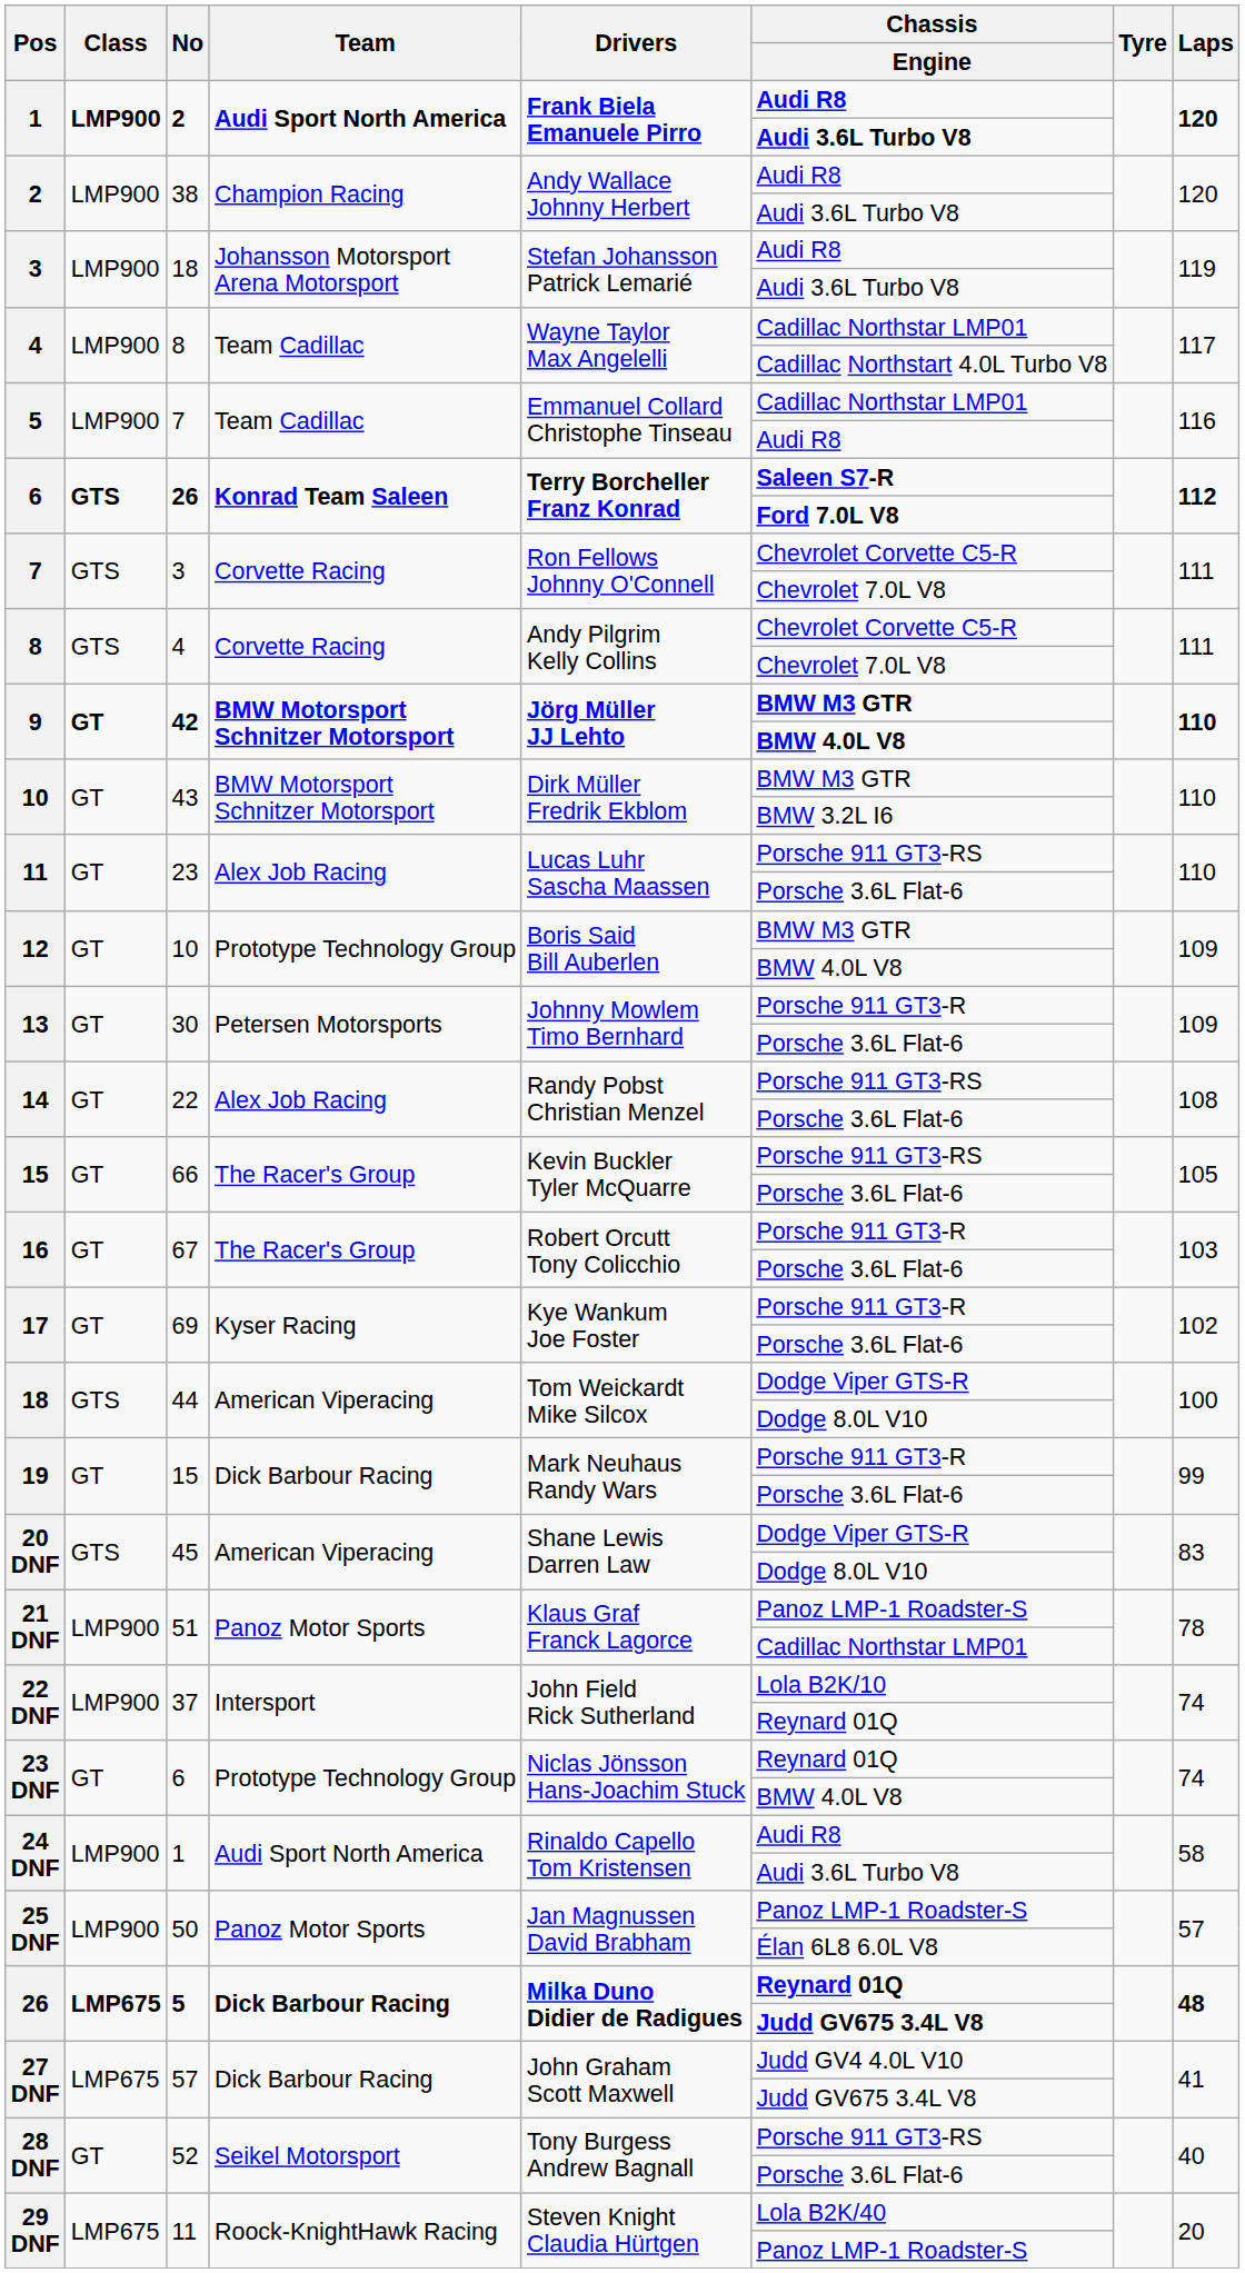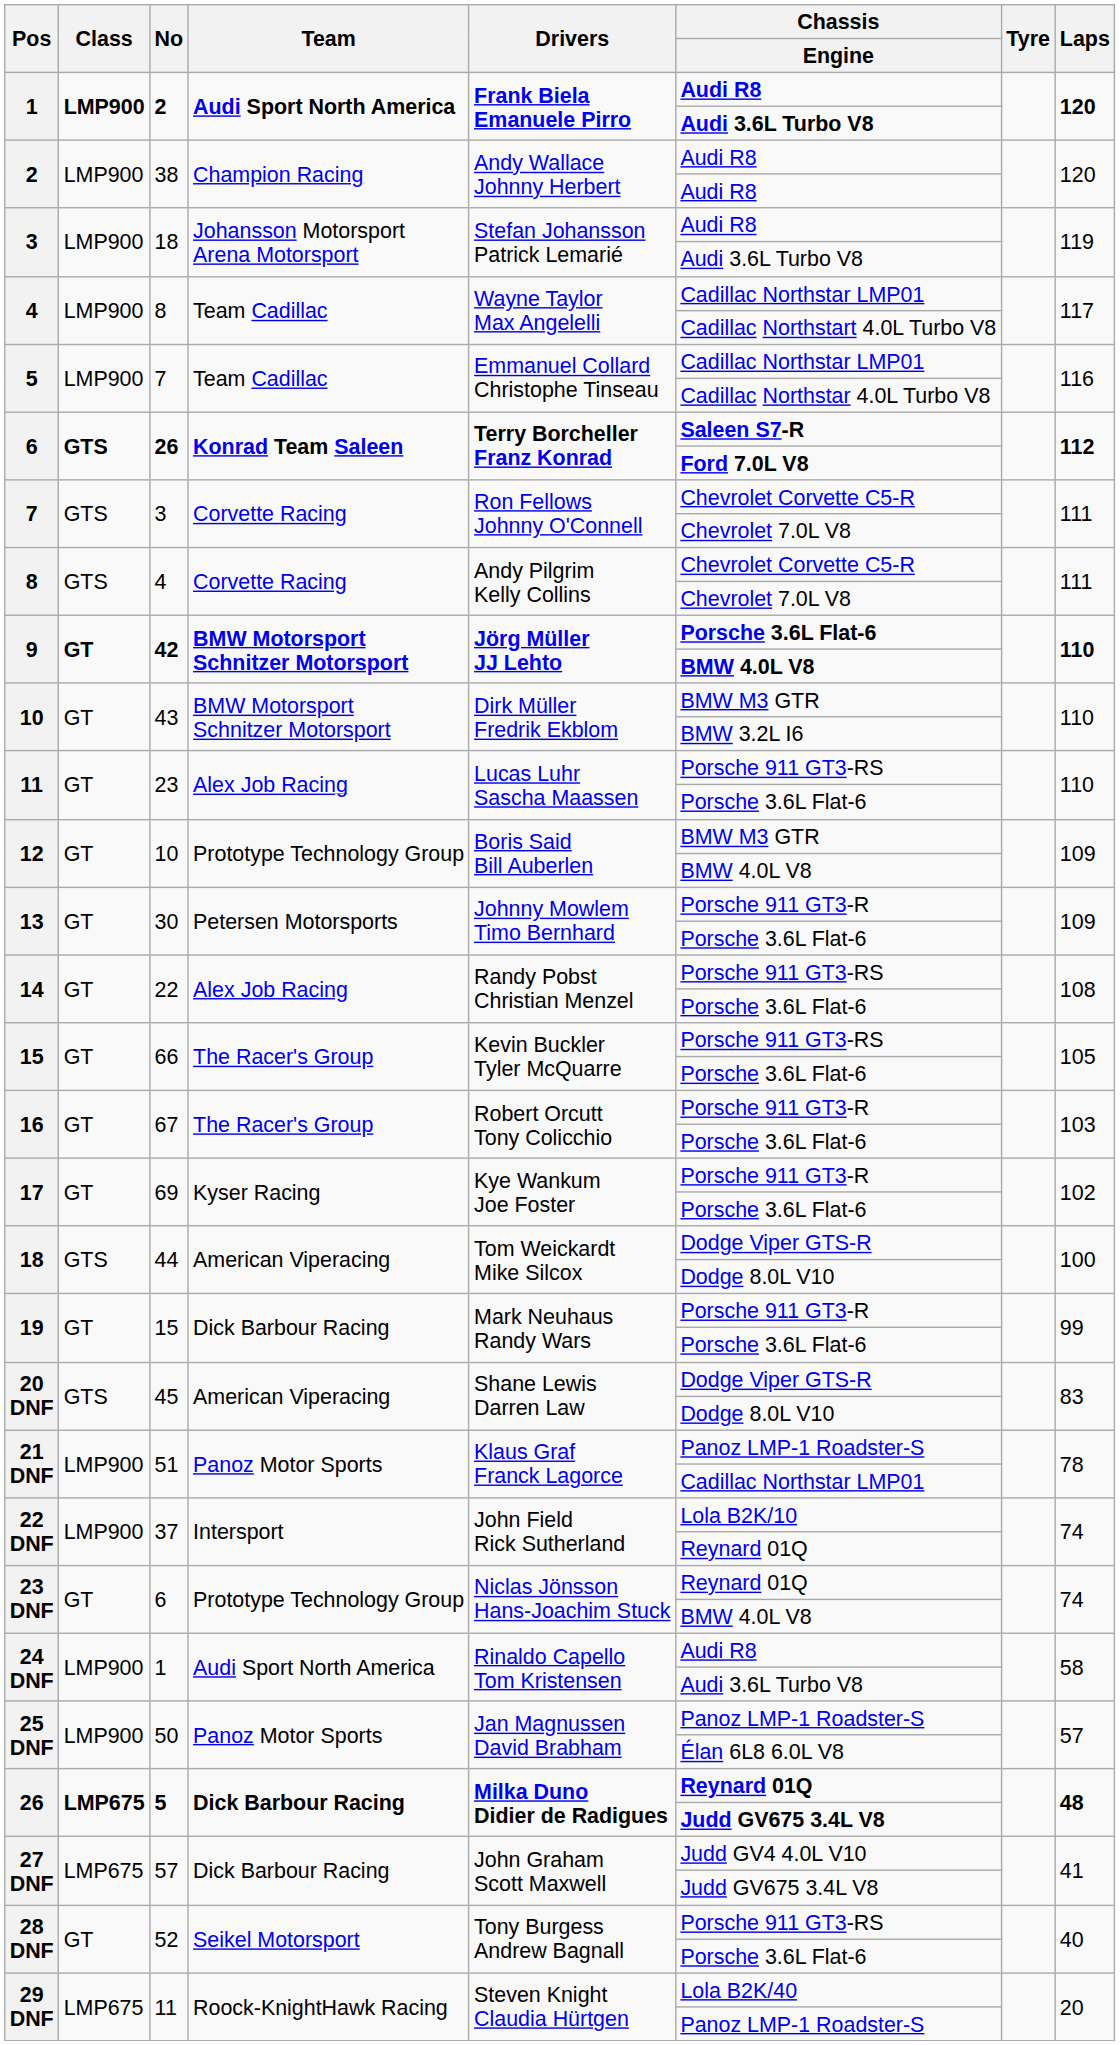 <table class="wikitable" style="font-size: 95%;">
 <tr>
 <th rowspan=2>Pos</th>
 <th rowspan=2>Class</th>
 <th rowspan=2>No</th>
 <th rowspan=2>Team</th>
 <th rowspan=2>Drivers</th>
 <th>Chassis</th>
 <th rowspan=2>Tyre</th>
 <th rowspan=2>Laps</th>
 </tr>
 <tr>
 <th>Engine</th>
 </tr>
 <tr style="font-weight:bold">
 <th rowspan=2>1</th>
 <td rowspan=2>LMP900</td>
 <td rowspan=2>2</td>
 <td rowspan=2> <a href='#'>Audi</a> Sport North America</td>
 <td rowspan=2> <a href='#'>Frank Biela</a><br> <a href='#'>Emanuele Pirro</a></td>
 <td><a href='#'>Audi R8</a></td>
 <td rowspan=2></td>
 <td rowspan=2>120</td>
 </tr>
 <tr style="font-weight:bold">
 <td><a href='#'>Audi</a> 3.6L Turbo V8</td>
 </tr>
 <tr>
 <th rowspan=2>2</th>
 <td rowspan=2>LMP900</td>
 <td rowspan=2>38</td>
 <td rowspan=2> <a href='#'>Champion Racing</a></td>
 <td rowspan=2> <a href='#'>Andy Wallace</a><br> <a href='#'>Johnny Herbert</a></td>
 <td><a href='#'>Audi R8</a></td>
 <td rowspan=2></td>
 <td rowspan=2>120</td>
 </tr>
 <tr>
-<td><a href='#'>Audi</a> 3.6L Turbo V8</td>
+<td><a href='#'>Audi R8</a></td>
 </tr>
 <tr>
 <th rowspan=2>3</th>
 <td rowspan=2>LMP900</td>
 <td rowspan=2>18</td>
 <td rowspan=2> <a href='#'>Johansson</a> Motorsport<br> <a href='#'>Arena Motorsport</a></td>
 <td rowspan=2> <a href='#'>Stefan Johansson</a><br> Patrick Lemarié</td>
 <td><a href='#'>Audi R8</a></td>
 <td rowspan=2></td>
 <td rowspan=2>119</td>
 </tr>
 <tr>
 <td><a href='#'>Audi</a> 3.6L Turbo V8</td>
 </tr>
 <tr>
 <th rowspan=2>4</th>
 <td rowspan=2>LMP900</td>
 <td rowspan=2>8</td>
 <td rowspan=2> Team <a href='#'>Cadillac</a></td>
 <td rowspan=2> <a href='#'>Wayne Taylor</a><br> <a href='#'>Max Angelelli</a></td>
 <td><a href='#'>Cadillac Northstar LMP01</a></td>
 <td rowspan=2></td>
 <td rowspan=2>117</td>
 </tr>
 <tr>
 <td><a href='#'>Cadillac</a> <a href='#'>Northstart</a> 4.0L Turbo V8</td>
 </tr>
 <tr>
 <th rowspan=2>5</th>
 <td rowspan=2>LMP900</td>
 <td rowspan=2>7</td>
 <td rowspan=2> Team <a href='#'>Cadillac</a></td>
 <td rowspan=2> <a href='#'>Emmanuel Collard</a><br> Christophe Tinseau</td>
 <td><a href='#'>Cadillac Northstar LMP01</a></td>
 <td rowspan=2></td>
 <td rowspan=2>116</td>
 </tr>
 <tr>
-<td><a href='#'>Audi R8</a></td>
+<td><a href='#'>Cadillac</a> <a href='#'>Northstar</a> 4.0L Turbo V8</td>
 </tr>
 <tr style="font-weight:bold">
 <th rowspan=2>6</th>
 <td rowspan=2>GTS</td>
 <td rowspan=2>26</td>
 <td rowspan=2> <a href='#'>Konrad</a> Team <a href='#'>Saleen</a></td>
 <td rowspan=2> Terry Borcheller<br> <a href='#'>Franz Konrad</a></td>
 <td><a href='#'>Saleen S7</a>-R</td>
 <td rowspan=2></td>
 <td rowspan=2>112</td>
 </tr>
 <tr style="font-weight:bold">
 <td><a href='#'>Ford</a> 7.0L V8</td>
 </tr>
 <tr>
 <th rowspan=2>7</th>
 <td rowspan=2>GTS</td>
 <td rowspan=2>3</td>
 <td rowspan=2> <a href='#'>Corvette Racing</a></td>
 <td rowspan=2> <a href='#'>Ron Fellows</a><br> <a href='#'>Johnny O'Connell</a></td>
 <td><a href='#'>Chevrolet Corvette C5-R</a></td>
 <td rowspan=2></td>
 <td rowspan=2>111</td>
 </tr>
 <tr>
 <td><a href='#'>Chevrolet</a> 7.0L V8</td>
 </tr>
 <tr>
 <th rowspan=2>8</th>
 <td rowspan=2>GTS</td>
 <td rowspan=2>4</td>
 <td rowspan=2> <a href='#'>Corvette Racing</a></td>
 <td rowspan=2> Andy Pilgrim<br> Kelly Collins</td>
 <td><a href='#'>Chevrolet Corvette C5-R</a></td>
 <td rowspan=2></td>
 <td rowspan=2>111</td>
 </tr>
 <tr>
 <td><a href='#'>Chevrolet</a> 7.0L V8</td>
 </tr>
 <tr style="font-weight:bold">
 <th rowspan=2>9</th>
 <td rowspan=2>GT</td>
 <td rowspan=2>42</td>
 <td rowspan=2> <a href='#'>BMW Motorsport</a><br> <a href='#'>Schnitzer Motorsport</a></td>
 <td rowspan=2> <a href='#'>Jörg Müller</a><br> <a href='#'>JJ Lehto</a></td>
-<td><a href='#'>BMW M3</a> GTR</td>
+<td><a href='#'>Porsche</a> 3.6L Flat-6</td>
 <td rowspan=2></td>
 <td rowspan=2>110</td>
 </tr>
 <tr style="font-weight:bold">
 <td><a href='#'>BMW</a> 4.0L V8</td>
 </tr>
 <tr>
 <th rowspan=2>10</th>
 <td rowspan=2>GT</td>
 <td rowspan=2>43</td>
 <td rowspan=2> <a href='#'>BMW Motorsport</a><br> <a href='#'>Schnitzer Motorsport</a></td>
 <td rowspan=2> <a href='#'>Dirk Müller</a><br> <a href='#'>Fredrik Ekblom</a></td>
 <td><a href='#'>BMW M3</a> GTR</td>
 <td rowspan=2></td>
 <td rowspan=2>110</td>
 </tr>
 <tr>
 <td><a href='#'>BMW</a> 3.2L I6</td>
 </tr>
 <tr>
 <th rowspan=2>11</th>
 <td rowspan=2>GT</td>
 <td rowspan=2>23</td>
 <td rowspan=2> <a href='#'>Alex Job Racing</a></td>
 <td rowspan=2> <a href='#'>Lucas Luhr</a><br> <a href='#'>Sascha Maassen</a></td>
 <td><a href='#'>Porsche 911 GT3</a>-RS</td>
 <td rowspan=2></td>
 <td rowspan=2>110</td>
 </tr>
 <tr>
 <td><a href='#'>Porsche</a> 3.6L Flat-6</td>
 </tr>
 <tr>
 <th rowspan=2>12</th>
 <td rowspan=2>GT</td>
 <td rowspan=2>10</td>
 <td rowspan=2> Prototype Technology Group</td>
 <td rowspan=2> <a href='#'>Boris Said</a><br> <a href='#'>Bill Auberlen</a></td>
 <td><a href='#'>BMW M3</a> GTR</td>
 <td rowspan=2></td>
 <td rowspan=2>109</td>
 </tr>
 <tr>
 <td><a href='#'>BMW</a> 4.0L V8</td>
 </tr>
 <tr>
 <th rowspan=2>13</th>
 <td rowspan=2>GT</td>
 <td rowspan=2>30</td>
 <td rowspan=2> Petersen Motorsports</td>
 <td rowspan=2> <a href='#'>Johnny Mowlem</a><br> <a href='#'>Timo Bernhard</a></td>
 <td><a href='#'>Porsche 911 GT3</a>-R</td>
 <td rowspan=2></td>
 <td rowspan=2>109</td>
 </tr>
 <tr>
 <td><a href='#'>Porsche</a> 3.6L Flat-6</td>
 </tr>
 <tr>
 <th rowspan=2>14</th>
 <td rowspan=2>GT</td>
 <td rowspan=2>22</td>
 <td rowspan=2> <a href='#'>Alex Job Racing</a></td>
 <td rowspan=2> Randy Pobst<br> Christian Menzel</td>
 <td><a href='#'>Porsche 911 GT3</a>-RS</td>
 <td rowspan=2></td>
 <td rowspan=2>108</td>
 </tr>
 <tr>
 <td><a href='#'>Porsche</a> 3.6L Flat-6</td>
 </tr>
 <tr>
 <th rowspan=2>15</th>
 <td rowspan=2>GT</td>
 <td rowspan=2>66</td>
 <td rowspan=2> <a href='#'>The Racer's Group</a></td>
 <td rowspan=2> Kevin Buckler<br> Tyler McQuarre</td>
 <td><a href='#'>Porsche 911 GT3</a>-RS</td>
 <td rowspan=2></td>
 <td rowspan=2>105</td>
 </tr>
 <tr>
 <td><a href='#'>Porsche</a> 3.6L Flat-6</td>
 </tr>
 <tr>
 <th rowspan=2>16</th>
 <td rowspan=2>GT</td>
 <td rowspan=2>67</td>
 <td rowspan=2> <a href='#'>The Racer's Group</a></td>
 <td rowspan=2> Robert Orcutt<br> Tony Colicchio</td>
 <td><a href='#'>Porsche 911 GT3</a>-R</td>
 <td rowspan=2></td>
 <td rowspan=2>103</td>
 </tr>
 <tr>
 <td><a href='#'>Porsche</a> 3.6L Flat-6</td>
 </tr>
 <tr>
 <th rowspan=2>17</th>
 <td rowspan=2>GT</td>
 <td rowspan=2>69</td>
 <td rowspan=2> Kyser Racing</td>
 <td rowspan=2> Kye Wankum<br> Joe Foster</td>
 <td><a href='#'>Porsche 911 GT3</a>-R</td>
 <td rowspan=2></td>
 <td rowspan=2>102</td>
 </tr>
 <tr>
 <td><a href='#'>Porsche</a> 3.6L Flat-6</td>
 </tr>
 <tr>
 <th rowspan=2>18</th>
 <td rowspan=2>GTS</td>
 <td rowspan=2>44</td>
 <td rowspan=2> American Viperacing</td>
 <td rowspan=2> Tom Weickardt<br> Mike Silcox</td>
 <td><a href='#'>Dodge Viper GTS-R</a></td>
 <td rowspan=2></td>
 <td rowspan=2>100</td>
 </tr>
 <tr>
 <td><a href='#'>Dodge</a> 8.0L V10</td>
 </tr>
 <tr>
 <th rowspan=2>19</th>
 <td rowspan=2>GT</td>
 <td rowspan=2>15</td>
 <td rowspan=2> Dick Barbour Racing</td>
 <td rowspan=2> Mark Neuhaus<br> Randy Wars</td>
 <td><a href='#'>Porsche 911 GT3</a>-R</td>
 <td rowspan=2></td>
 <td rowspan=2>99</td>
 </tr>
 <tr>
 <td><a href='#'>Porsche</a> 3.6L Flat-6</td>
 </tr>
 <tr>
 <th rowspan=2>20<br>DNF</th>
 <td rowspan=2>GTS</td>
 <td rowspan=2>45</td>
 <td rowspan=2> American Viperacing</td>
 <td rowspan=2> Shane Lewis<br> Darren Law</td>
 <td><a href='#'>Dodge Viper GTS-R</a></td>
 <td rowspan=2></td>
 <td rowspan=2>83</td>
 </tr>
 <tr>
 <td><a href='#'>Dodge</a> 8.0L V10</td>
 </tr>
 <tr>
 <th rowspan=2>21<br>DNF</th>
 <td rowspan=2>LMP900</td>
 <td rowspan=2>51</td>
 <td rowspan=2> <a href='#'>Panoz</a> Motor Sports</td>
 <td rowspan=2> <a href='#'>Klaus Graf</a><br> <a href='#'>Franck Lagorce</a></td>
 <td><a href='#'>Panoz LMP-1 Roadster-S</a></td>
 <td rowspan=2></td>
 <td rowspan=2>78</td>
 </tr>
 <tr>
 <td><a href='#'>Cadillac Northstar LMP01</a></td>
 </tr>
 <tr>
 <th rowspan=2>22<br>DNF</th>
 <td rowspan=2>LMP900</td>
 <td rowspan=2>37</td>
 <td rowspan=2> Intersport</td>
 <td rowspan=2> John Field<br> Rick Sutherland</td>
 <td><a href='#'>Lola B2K/10</a></td>
 <td rowspan=2></td>
 <td rowspan=2>74</td>
 </tr>
 <tr>
 <td><a href='#'>Reynard</a> 01Q</td>
 </tr>
 <tr>
 <th rowspan=2>23<br>DNF</th>
 <td rowspan=2>GT</td>
 <td rowspan=2>6</td>
 <td rowspan=2> Prototype Technology Group</td>
 <td rowspan=2> <a href='#'>Niclas Jönsson</a><br> <a href='#'>Hans-Joachim Stuck</a></td>
 <td><a href='#'>Reynard</a> 01Q</td>
 <td rowspan=2></td>
 <td rowspan=2>74</td>
 </tr>
 <tr>
 <td><a href='#'>BMW</a> 4.0L V8</td>
 </tr>
 <tr>
 <th rowspan=2>24<br>DNF</th>
 <td rowspan=2>LMP900</td>
 <td rowspan=2>1</td>
 <td rowspan=2> <a href='#'>Audi</a> Sport North America</td>
 <td rowspan=2> <a href='#'>Rinaldo Capello</a><br> <a href='#'>Tom Kristensen</a></td>
 <td><a href='#'>Audi R8</a></td>
 <td rowspan=2></td>
 <td rowspan=2>58</td>
 </tr>
 <tr>
 <td><a href='#'>Audi</a> 3.6L Turbo V8</td>
 </tr>
 <tr>
 <th rowspan=2>25<br>DNF</th>
 <td rowspan=2>LMP900</td>
 <td rowspan=2>50</td>
 <td rowspan=2> <a href='#'>Panoz</a> Motor Sports</td>
 <td rowspan=2> <a href='#'>Jan Magnussen</a><br> <a href='#'>David Brabham</a></td>
 <td><a href='#'>Panoz LMP-1 Roadster-S</a></td>
 <td rowspan=2></td>
 <td rowspan=2>57</td>
 </tr>
 <tr>
 <td><a href='#'>Élan</a> 6L8 6.0L V8</td>
 </tr>
 <tr style="font-weight:bold">
 <th rowspan=2>26</th>
 <td rowspan=2>LMP675</td>
 <td rowspan=2>5</td>
 <td rowspan=2> Dick Barbour Racing</td>
 <td rowspan=2> <a href='#'>Milka Duno</a><br> Didier de Radigues</td>
 <td><a href='#'>Reynard</a> 01Q</td>
 <td rowspan=2></td>
 <td rowspan=2>48</td>
 </tr>
 <tr style="font-weight:bold">
 <td><a href='#'>Judd</a> GV675 3.4L V8</td>
 </tr>
 <tr>
 <th rowspan=2>27<br>DNF</th>
 <td rowspan=2>LMP675</td>
 <td rowspan=2>57</td>
 <td rowspan=2> Dick Barbour Racing</td>
 <td rowspan=2> John Graham<br> Scott Maxwell</td>
 <td><a href='#'>Judd</a> GV4 4.0L V10</td>
 <td rowspan=2></td>
 <td rowspan=2>41</td>
 </tr>
 <tr>
 <td><a href='#'>Judd</a> GV675 3.4L V8</td>
 </tr>
 <tr>
 <th rowspan=2>28<br>DNF</th>
 <td rowspan=2>GT</td>
 <td rowspan=2>52</td>
 <td rowspan=2> <a href='#'>Seikel Motorsport</a></td>
 <td rowspan=2> Tony Burgess<br> Andrew Bagnall</td>
 <td><a href='#'>Porsche 911 GT3</a>-RS</td>
 <td rowspan=2></td>
 <td rowspan=2>40</td>
 </tr>
 <tr>
 <td><a href='#'>Porsche</a> 3.6L Flat-6</td>
 </tr>
 <tr>
 <th rowspan=2>29<br>DNF</th>
 <td rowspan=2>LMP675</td>
 <td rowspan=2>11</td>
 <td rowspan=2> Roock-KnightHawk Racing</td>
 <td rowspan=2> Steven Knight<br> <a href='#'>Claudia Hürtgen</a></td>
 <td><a href='#'>Lola B2K/40</a></td>
 <td rowspan=2></td>
 <td rowspan=2>20</td>
 </tr>
 <tr>
 <td><a href='#'>Panoz LMP-1 Roadster-S</a></td>
 </tr>
 </table>
